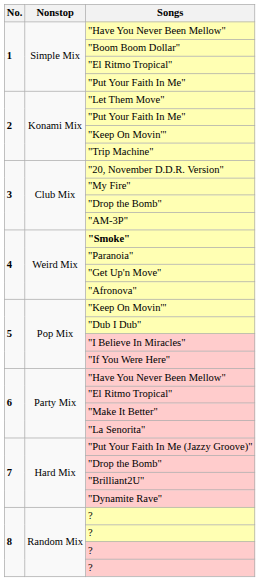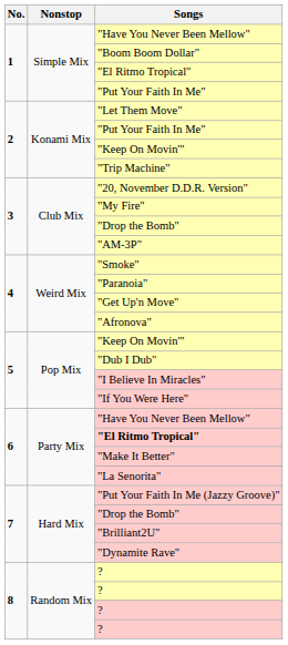 <table class="wikitable" style="font-size:90%;">
 <tr>
 <th>No.</th>
 <th>Nonstop</th>
 <th>Songs</th>
 </tr>
 <tr>
 <td rowspan="4"><strong>1</strong></td>
 <td rowspan="4" style="text-align:center;">Simple Mix</td>
 <td style="background:#FFFFB3;">"Have You Never Been Mellow"</td>
 </tr>
 <tr>
 <td style="background:#FFFFB3;">"Boom Boom Dollar"</td>
 </tr>
 <tr>
 <td style="background:#FFFFB3;">"El Ritmo Tropical"</td>
 </tr>
 <tr>
 <td style="background:#FFFFB3;">"Put Your Faith In Me"</td>
 </tr>
 <tr>
 <td rowspan="4"><strong>2</strong></td>
 <td rowspan="4" style="text-align:center;">Konami Mix</td>
 <td style="background:#FFFFB3;">"Let Them Move"</td>
 </tr>
 <tr>
 <td style="background:#FFFFB3;">"Put Your Faith In Me"</td>
 </tr>
 <tr>
 <td style="background:#FFFFB3;">"Keep On Movin'"</td>
 </tr>
 <tr>
 <td style="background:#FFFFB3;">"Trip Machine"</td>
 </tr>
 <tr>
 <td rowspan="4"><strong>3</strong></td>
 <td rowspan="4" style="text-align:center;">Club Mix</td>
 <td style="background:#FFFFB3;">"20, November D.D.R. Version"</td>
 </tr>
 <tr>
 <td style="background:#FFFFB3;">"My Fire"</td>
 </tr>
 <tr>
 <td style="background:#FFFFB3;">"Drop the Bomb"</td>
 </tr>
 <tr>
 <td style="background:#FFFFB3;">"AM-3P"</td>
 </tr>
 <tr>
 <td rowspan="4"><strong>4</strong></td>
 <td rowspan="4" style="text-align:center;">Weird Mix</td>
-<td style="background:#FFFFB3;"><strong>"Smoke"</strong></td>
+<td style="background:#FFFFB3;">"Smoke"</td>
 </tr>
 <tr>
 <td style="background:#FFFFB3;">"Paranoia"</td>
 </tr>
 <tr>
 <td style="background:#FFFFB3;">"Get Up'n Move"</td>
 </tr>
 <tr>
 <td style="background:#FFFFB3;">"Afronova"</td>
 </tr>
 <tr>
 <td rowspan="4"><strong>5</strong></td>
 <td rowspan="4" style="text-align:center;">Pop Mix</td>
 <td style="background:#FFFFB3;">"Keep On Movin'"</td>
 </tr>
 <tr>
 <td style="background:#FFFFB3;">"Dub I Dub"</td>
 </tr>
 <tr>
 <td style="background:#FFCCCC;">"I Believe In Miracles"</td>
 </tr>
 <tr>
 <td style="background:#FFCCCC;">"If You Were Here"</td>
 </tr>
 <tr>
 <td rowspan="4"><strong>6</strong></td>
 <td rowspan="4" style="text-align:center;">Party Mix</td>
 <td style="background:#FFCCCC;">"Have You Never Been Mellow"</td>
 </tr>
 <tr>
-<td style="background:#FFCCCC;">"El Ritmo Tropical"</td>
+<td style="background:#FFCCCC;"><strong>"El Ritmo Tropical"</strong></td>
 </tr>
 <tr>
 <td style="background:#FFCCCC;">"Make It Better"</td>
 </tr>
 <tr>
 <td style="background:#FFCCCC;">"La Senorita"</td>
 </tr>
 <tr>
 <td rowspan="4"><strong>7</strong></td>
 <td rowspan="4" style="text-align:center;">Hard Mix</td>
 <td style="background:#FFCCCC;">"Put Your Faith In Me (Jazzy Groove)"</td>
 </tr>
 <tr>
 <td style="background:#FFCCCC;">"Drop the Bomb"</td>
 </tr>
 <tr>
 <td style="background:#FFCCCC;">"Brilliant2U"</td>
 </tr>
 <tr>
 <td style="background:#FFCCCC;">"Dynamite Rave"</td>
 </tr>
 <tr>
 <td rowspan="4"><strong>8</strong></td>
 <td rowspan="4" style="text-align:center;">Random Mix</td>
 <td style="background:#FFFFB3;">?</td>
 </tr>
 <tr>
 <td style="background:#FFFFB3;">?</td>
 </tr>
 <tr>
 <td style="background:#FFCCCC;">?</td>
 </tr>
 <tr>
 <td style="background:#FFCCCC;">?</td>
 </tr>
 </table>
